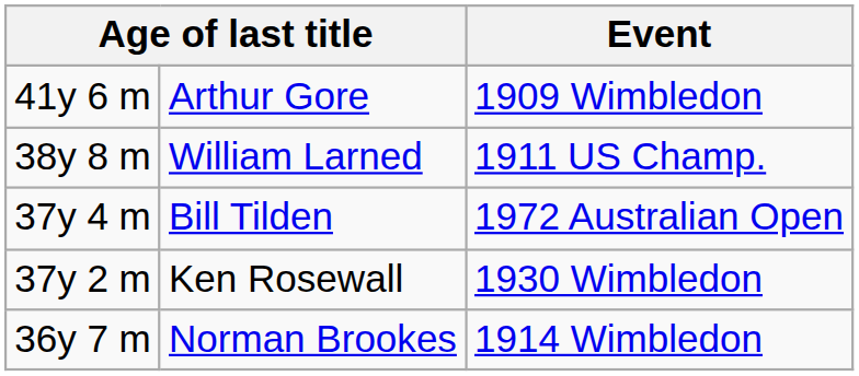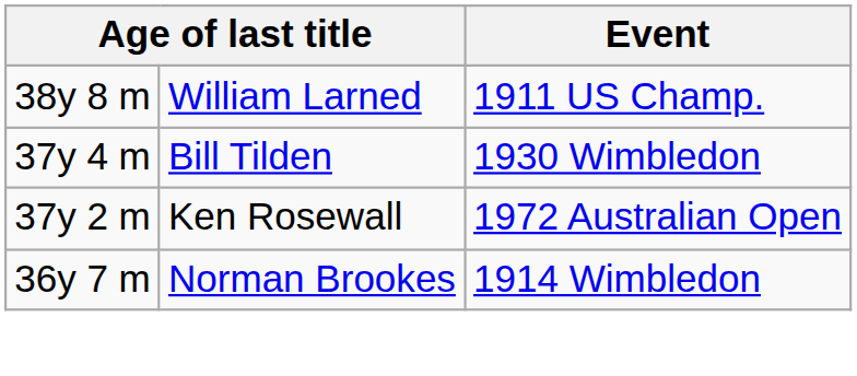 <table class=wikitable style="display:inline-table;">
 <tr>
 <th scope="col" colspan=2>Age of last title</th>
 <th scope="col">Event</th>
-</tr>
-<tr>
-<td>41y 6 m</td>
-<td> <a href='#'>Arthur Gore</a></td>
-<td><a href='#'>1909 Wimbledon</a></td>
 </tr>
 <tr>
 <td>38y 8 m</td>
 <td> <a href='#'>William Larned</a></td>
 <td><a href='#'>1911 US Champ.</a></td>
 </tr>
 <tr>
 <td>37y 4 m</td>
 <td> <a href='#'>Bill Tilden</a></td>
-<td><a href='#'>1972 Australian Open</a></td>
+<td><a href='#'>1930 Wimbledon</a></td>
 </tr>
 <tr>
 <td>37y 2 m</td>
 <td> Ken Rosewall</td>
-<td><a href='#'>1930 Wimbledon</a></td>
+<td><a href='#'>1972 Australian Open</a></td>
 </tr>
 <tr>
 <td>36y 7 m</td>
 <td> <a href='#'>Norman Brookes</a></td>
 <td><a href='#'>1914 Wimbledon</a></td>
 </tr>
 </table>
